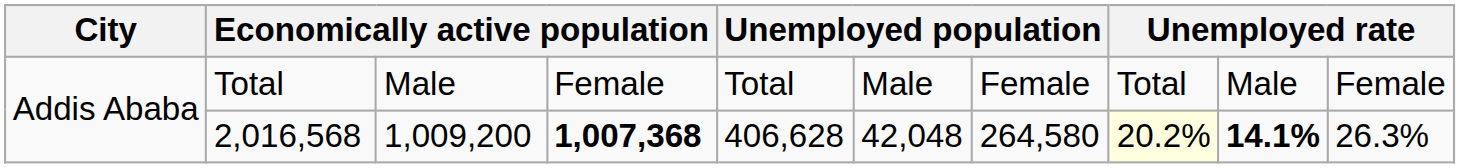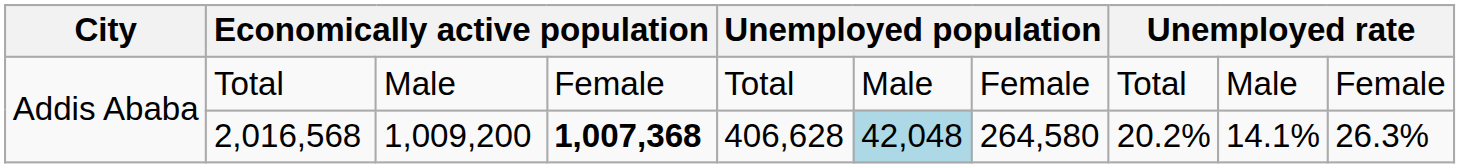 <table class="wikitable">
 <tr>
 <th>City</th>
 <th colspan="3">Economically active population</th>
 <th colspan="3">Unemployed population</th>
 <th colspan="3">Unemployed rate</th>
 </tr>
 <tr>
 <td rowspan="2">Addis  Ababa</td>
 <td>Total</td>
 <td>Male</td>
 <td>Female</td>
 <td>Total</td>
 <td>Male</td>
 <td>Female</td>
 <td>Total</td>
 <td>Male</td>
 <td>Female</td>
 </tr>
 <tr>
 <td>2,016,568</td>
 <td>1,009,200</td>
 <td><strong>1,007,368</strong></td>
 <td>406,628</td>
-<td>42,048</td>
+<td style="background: lightblue;">42,048</td>
 <td>264,580</td>
-<td style="background: lightyellow;">20.2%</td>
-<td><strong>14.1%</strong></td>
+<td>20.2%</td>
+<td>14.1%</td>
 <td>26.3%</td>
 </tr>
 </table>
